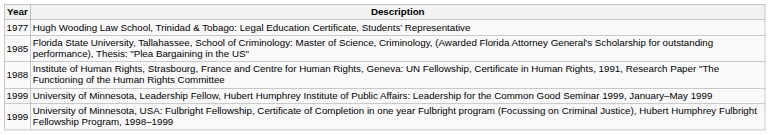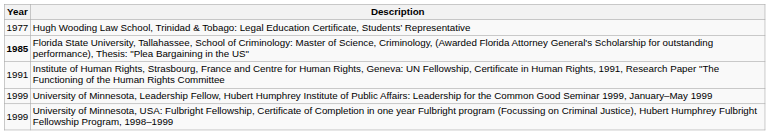 <table class="wikitable">
 <tr>
 <th>Year</th>
 <th>Description</th>
 </tr>
 <tr>
 <td>1977</td>
 <td>Hugh Wooding Law School, Trinidad & Tobago: Legal Education Certificate, Students’ Representative</td>
 </tr>
 <tr>
-<td>1985</td>
+<td><strong>1985</strong></td>
 <td>Florida State University, Tallahassee, School of Criminology: Master of Science, Criminology, (Awarded Florida Attorney General's Scholarship for outstanding performance), Thesis: "Plea Bargaining in the US"</td>
 </tr>
 <tr>
-<td>1988</td>
+<td>1991</td>
 <td>Institute of Human Rights, Strasbourg, France and Centre for Human Rights, Geneva: UN Fellowship, Certificate in Human Rights, 1991, Research Paper "The Functioning of the Human Rights Committee</td>
 </tr>
 <tr>
 <td>1999</td>
 <td>University of Minnesota, Leadership Fellow, Hubert Humphrey Institute of Public Affairs: Leadership for the Common Good Seminar 1999, January–May 1999</td>
 </tr>
 <tr>
 <td>1999</td>
 <td>University of Minnesota, USA: Fulbright Fellowship, Certificate of Completion in one year Fulbright program (Focussing on Criminal Justice), Hubert Humphrey Fulbright Fellowship Program, 1998–1999</td>
 </tr>
 </table>
